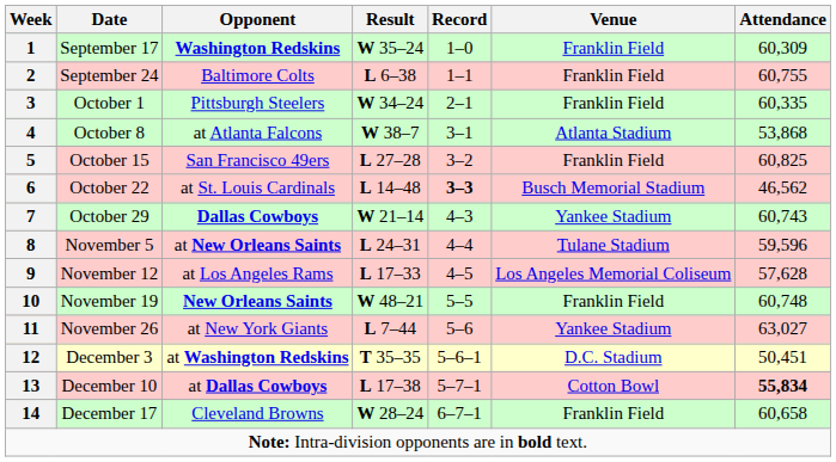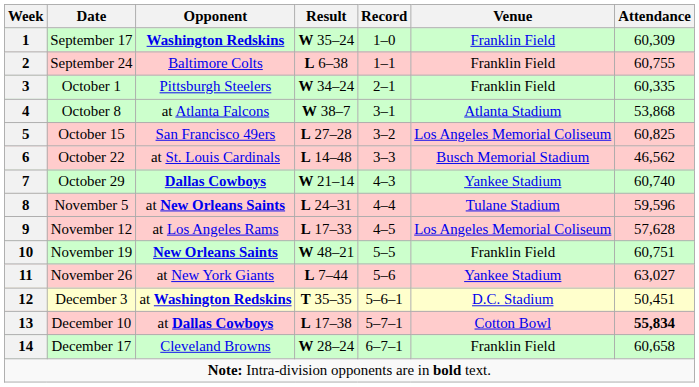 <table class="wikitable" style="text-align:center">
 <tr>
 <th>Week</th>
 <th>Date</th>
 <th>Opponent</th>
 <th>Result</th>
 <th>Record</th>
 <th>Venue</th>
 <th>Attendance</th>
 </tr>
 <tr style="background:#cfc">
 <th>1</th>
 <td>September 17</td>
 <td><strong><a href='#'>Washington Redskins</a></strong></td>
 <td><strong>W</strong> 35–24</td>
 <td>1–0</td>
 <td><a href='#'>Franklin Field</a></td>
 <td>60,309</td>
 </tr>
 <tr style="background:#fcc">
 <th>2</th>
 <td>September 24</td>
 <td><a href='#'>Baltimore Colts</a></td>
 <td><strong>L</strong> 6–38</td>
 <td>1–1</td>
 <td>Franklin Field</td>
 <td>60,755</td>
 </tr>
 <tr style="background:#cfc">
 <th>3</th>
 <td>October 1</td>
 <td><a href='#'>Pittsburgh Steelers</a></td>
 <td><strong>W</strong> 34–24</td>
 <td>2–1</td>
 <td>Franklin Field</td>
 <td>60,335</td>
 </tr>
 <tr style="background:#cfc">
 <th>4</th>
 <td>October 8</td>
 <td>at <a href='#'>Atlanta Falcons</a></td>
 <td><strong>W</strong> 38–7</td>
 <td>3–1</td>
 <td><a href='#'>Atlanta Stadium</a></td>
 <td>53,868</td>
 </tr>
 <tr style="background:#fcc">
 <th>5</th>
 <td>October 15</td>
 <td><a href='#'>San Francisco 49ers</a></td>
 <td><strong>L</strong> 27–28</td>
 <td>3–2</td>
-<td>Franklin Field</td>
+<td><a href='#'>Los Angeles Memorial Coliseum</a></td>
 <td>60,825</td>
 </tr>
 <tr style="background:#fcc">
 <th>6</th>
 <td>October 22</td>
 <td>at <a href='#'>St. Louis Cardinals</a></td>
 <td><strong>L</strong> 14–48</td>
-<td><strong>3–3</strong></td>
+<td>3–3</td>
 <td><a href='#'>Busch Memorial Stadium</a></td>
 <td>46,562</td>
 </tr>
 <tr style="background:#cfc">
 <th>7</th>
 <td>October 29</td>
 <td><strong><a href='#'>Dallas Cowboys</a></strong></td>
 <td><strong>W</strong> 21–14</td>
 <td>4–3</td>
 <td><a href='#'>Yankee Stadium</a></td>
-<td>60,743</td>
+<td>60,740</td>
 </tr>
 <tr style="background:#fcc">
 <th>8</th>
 <td>November 5</td>
 <td>at <strong><a href='#'>New Orleans Saints</a></strong></td>
 <td><strong>L</strong> 24–31</td>
 <td>4–4</td>
 <td><a href='#'>Tulane Stadium</a></td>
 <td>59,596</td>
 </tr>
 <tr style="background:#fcc">
 <th>9</th>
 <td>November 12</td>
 <td>at <a href='#'>Los Angeles Rams</a></td>
 <td><strong>L</strong> 17–33</td>
 <td>4–5</td>
 <td><a href='#'>Los Angeles Memorial Coliseum</a></td>
 <td>57,628</td>
 </tr>
 <tr style="background:#cfc">
 <th>10</th>
 <td>November 19</td>
 <td><strong><a href='#'>New Orleans Saints</a></strong></td>
 <td><strong>W</strong> 48–21</td>
 <td>5–5</td>
 <td>Franklin Field</td>
-<td>60,748</td>
+<td>60,751</td>
 </tr>
 <tr style="background:#fcc">
 <th>11</th>
 <td>November 26</td>
 <td>at <a href='#'>New York Giants</a></td>
 <td><strong>L</strong> 7–44</td>
 <td>5–6</td>
 <td><a href='#'>Yankee Stadium</a></td>
 <td>63,027</td>
 </tr>
 <tr style="background:#ffc">
 <th>12</th>
 <td>December 3</td>
 <td>at <strong><a href='#'>Washington Redskins</a></strong></td>
 <td><strong>T</strong> 35–35</td>
 <td>5–6–1</td>
 <td><a href='#'>D.C. Stadium</a></td>
 <td>50,451</td>
 </tr>
 <tr style="background:#fcc">
 <th>13</th>
 <td>December 10</td>
 <td>at <strong><a href='#'>Dallas Cowboys</a></strong></td>
 <td><strong>L</strong> 17–38</td>
 <td>5–7–1</td>
 <td><a href='#'>Cotton Bowl</a></td>
 <td><strong>55,834</strong></td>
 </tr>
 <tr style="background:#cfc">
 <th>14</th>
 <td>December 17</td>
 <td><a href='#'>Cleveland Browns</a></td>
 <td><strong>W</strong> 28–24</td>
 <td>6–7–1</td>
 <td>Franklin Field</td>
 <td>60,658</td>
 </tr>
 <tr>
 <td colspan="8"><strong>Note:</strong> Intra-division opponents are in <strong>bold</strong> text.</td>
 </tr>
 </table>
